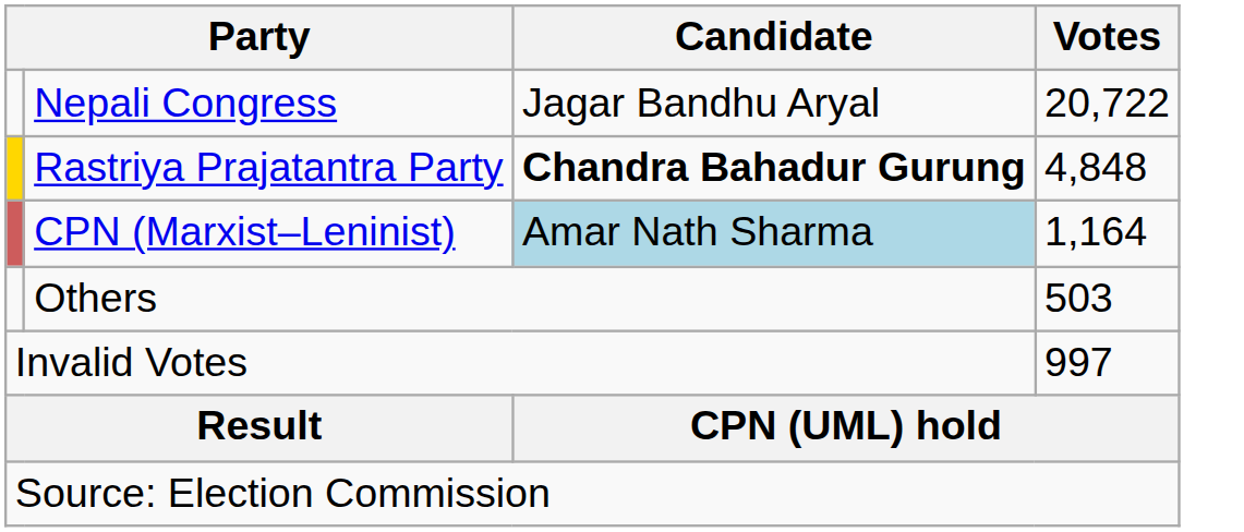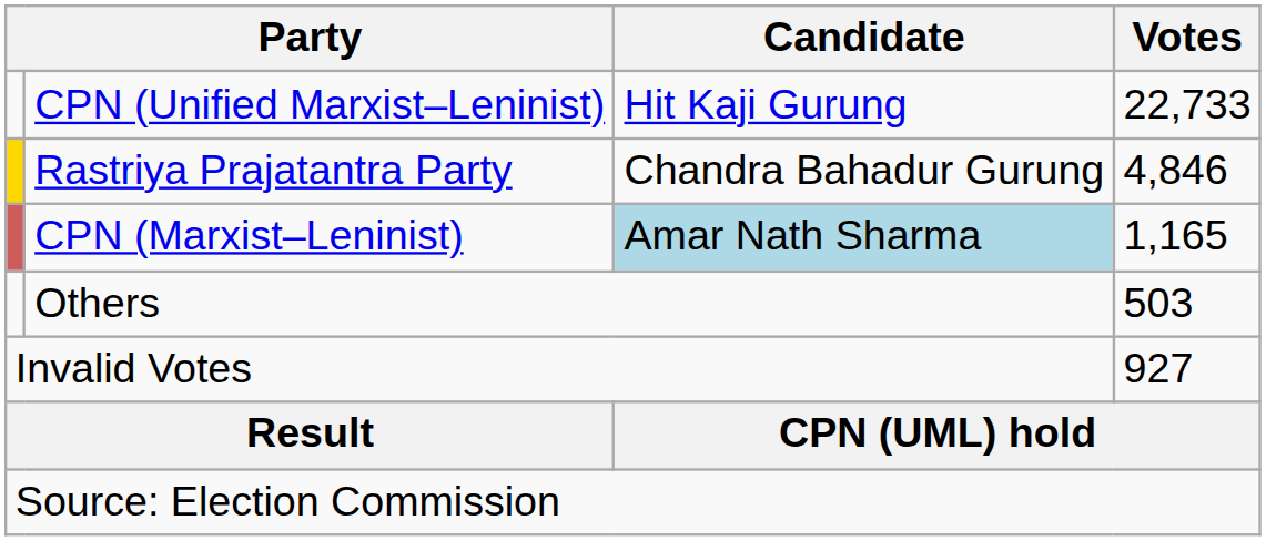 <table class="wikitable">
 <tr>
 <th colspan="2">Party</th>
 <th>Candidate</th>
 <th>Votes</th>
 </tr>
 <tr>
 <td style="background-color:"></td>
-<td><a href='#'>Nepali Congress</a></td>
-<td>Jagar Bandhu Aryal</td>
-<td>20,722</td>
+<td><a href='#'>CPN (Unified Marxist–Leninist)</a></td>
+<td><a href='#'>Hit Kaji Gurung</a></td>
+<td>22,733</td>
 </tr>
 <tr>
 <td style="background-color:gold"></td>
 <td><a href='#'>Rastriya Prajatantra Party</a></td>
-<td><strong>Chandra Bahadur Gurung</strong></td>
-<td>4,848</td>
+<td>Chandra Bahadur Gurung</td>
+<td>4,846</td>
 </tr>
 <tr>
 <td style="background-color:indianred"></td>
 <td><a href='#'>CPN (Marxist–Leninist)</a></td>
 <td style="background: lightblue;">Amar Nath Sharma</td>
-<td>1,164</td>
+<td>1,165</td>
 </tr>
 <tr>
 <td></td>
 <td colspan="2">Others</td>
 <td>503</td>
 </tr>
 <tr>
 <td colspan="3">Invalid Votes</td>
-<td>997</td>
+<td>927</td>
 </tr>
 <tr>
 <th colspan="2">Result</th>
 <th colspan="2">CPN (UML) hold</th>
 </tr>
 <tr>
 <td colspan="4">Source: Election Commission</td>
 </tr>
 </table>
